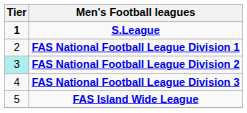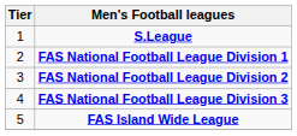 <table class="wikitable" style="text-align: center;">
 <tr style="background:#efefef;">
 <th>Tier</th>
 <th colspan=2>Men's Football leagues</th>
 </tr>
 <tr>
-<td><strong>1</strong></td>
+<td>1</td>
 <td colspan=2><strong><a href='#'>S.League</a></strong></td>
 </tr>
 <tr>
 <td>2</td>
 <td colspan=2><strong><a href='#'>FAS National Football League Division 1</a></strong></td>
 </tr>
 <tr>
-<td style="background: paleturquoise;">3</td>
+<td>3</td>
 <td colspan=2><strong><a href='#'>FAS National Football League Division 2</a></strong></td>
 </tr>
 <tr>
 <td>4</td>
 <td colspan=2><strong><a href='#'>FAS National Football League Division 3</a></strong></td>
 </tr>
 <tr>
 <td>5</td>
 <td colspan=2><strong> <a href='#'>FAS Island Wide League</a></strong></td>
 </tr>
 <tr>
 </tr>
 </table>
